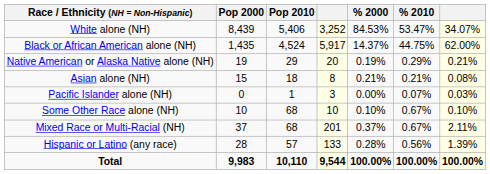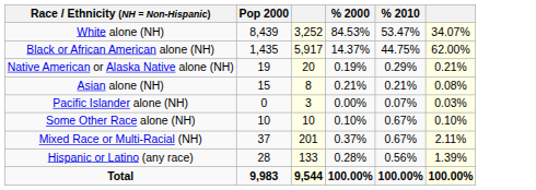 <table class="wikitable" style="text-align:center;">
 <tr>
 <th>Race / Ethnicity <small>(<em>NH = Non-Hispanic</em>)</small></th>
 <th>Pop 2000</th>
-<th>Pop 2010</th>
 <th></th>
 <th>% 2000</th>
 <th>% 2010</th>
 <th></th>
 </tr>
 <tr>
 <td><a href='#'>White</a> alone (NH)</td>
 <td>8,439</td>
-<td>5,406</td>
 <td style='background: #ffffe6;'>3,252</td>
 <td>84.53%</td>
 <td>53.47%</td>
 <td style='background: #ffffe6;'>34.07%</td>
 </tr>
 <tr>
 <td><a href='#'>Black or African American</a> alone (NH)</td>
 <td>1,435</td>
-<td>4,524</td>
 <td style='background: #ffffe6;'>5,917</td>
 <td>14.37%</td>
 <td>44.75%</td>
 <td style='background: #ffffe6;'>62.00%</td>
 </tr>
 <tr>
 <td><a href='#'>Native American</a> or <a href='#'>Alaska Native</a> alone (NH)</td>
 <td>19</td>
-<td>29</td>
 <td style='background: #ffffe6;'>20</td>
 <td>0.19%</td>
 <td>0.29%</td>
 <td style='background: #ffffe6;'>0.21%</td>
 </tr>
 <tr>
 <td><a href='#'>Asian</a> alone (NH)</td>
 <td>15</td>
-<td>18</td>
 <td style='background: #ffffe6;'>8</td>
 <td>0.21%</td>
 <td>0.21%</td>
 <td style='background: #ffffe6;'>0.08%</td>
 </tr>
 <tr>
 <td><a href='#'>Pacific Islander</a> alone (NH)</td>
 <td>0</td>
-<td>1</td>
 <td style='background: #ffffe6;'>3</td>
 <td>0.00%</td>
 <td>0.07%</td>
 <td style='background: #ffffe6;'>0.03%</td>
 </tr>
 <tr>
 <td><a href='#'>Some Other Race</a> alone (NH)</td>
 <td>10</td>
-<td>68</td>
 <td style='background: #ffffe6;'>10</td>
 <td>0.10%</td>
 <td>0.67%</td>
 <td style='background: #ffffe6;'>0.10%</td>
 </tr>
 <tr>
 <td><a href='#'>Mixed Race or Multi-Racial</a> (NH)</td>
 <td>37</td>
-<td>68</td>
 <td style='background: #ffffe6;'>201</td>
 <td>0.37%</td>
 <td>0.67%</td>
 <td style='background: #ffffe6;'>2.11%</td>
 </tr>
 <tr>
 <td><a href='#'>Hispanic or Latino</a> (any race)</td>
 <td>28</td>
-<td>57</td>
 <td style='background: #ffffe6;'>133</td>
 <td>0.28%</td>
 <td>0.56%</td>
 <td style='background: #ffffe6;'>1.39%</td>
 </tr>
 <tr>
 <td><strong>Total</strong></td>
 <td><strong>9,983</strong></td>
-<td><strong>10,110</strong></td>
 <td style='background: #ffffe6;'><strong>9,544</strong></td>
 <td><strong>100.00%</strong></td>
 <td><strong>100.00%</strong></td>
 <td style='background: #ffffe6;'><strong>100.00%</strong></td>
 </tr>
 </table>
